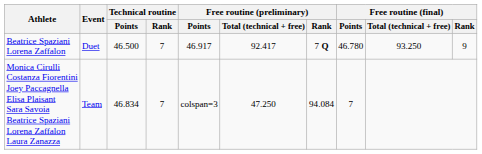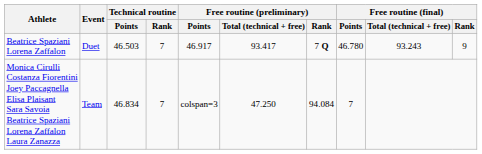 <table class="wikitable" style="font-size:90%">
 <tr>
 <th rowspan="2">Athlete</th>
 <th rowspan="2">Event</th>
 <th colspan=2>Technical routine</th>
 <th colspan=3>Free routine (preliminary)</th>
 <th colspan=3>Free routine (final)</th>
 </tr>
 <tr style="font-size:95%">
 <th>Points</th>
 <th>Rank</th>
 <th>Points</th>
 <th>Total (technical + free)</th>
 <th>Rank</th>
 <th>Points</th>
 <th>Total (technical + free)</th>
 <th>Rank</th>
 </tr>
 <tr align=center>
 <td align=left><a href='#'>Beatrice Spaziani</a><br><a href='#'>Lorena Zaffalon</a></td>
 <td align=left><a href='#'>Duet</a></td>
-<td>46.500</td>
+<td>46.503</td>
 <td>7</td>
 <td>46.917</td>
-<td>92.417</td>
+<td>93.417</td>
 <td>7 <strong>Q</strong></td>
 <td>46.780</td>
-<td>93.250</td>
+<td>93.243</td>
 <td>9</td>
 </tr>
 <tr align=center>
 <td align=left><a href='#'>Monica Cirulli</a><br><a href='#'>Costanza Fiorentini</a><br><a href='#'>Joey Paccagnella</a><br><a href='#'>Elisa Plaisant</a><br><a href='#'>Sara Savoia</a><br><a href='#'>Beatrice Spaziani</a><br><a href='#'>Lorena Zaffalon</a><br><a href='#'>Laura Zanazza</a></td>
 <td align=left><a href='#'>Team</a></td>
 <td>46.834</td>
 <td>7</td>
 <td>colspan=3 </td>
 <td>47.250</td>
 <td>94.084</td>
 <td>7</td>
 </tr>
 </table>
